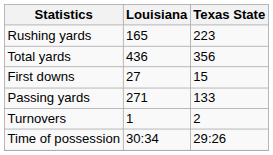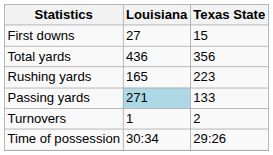 <table class="wikitable">
 <tr>
 <th>Statistics</th>
 <th>Louisiana</th>
 <th>Texas State</th>
 </tr>
 <tr>
-<td>Rushing yards</td>
-<td>165</td>
-<td>223</td>
+<td>First downs</td>
+<td>27</td>
+<td>15</td>
 </tr>
 <tr>
 <td>Total yards</td>
 <td>436</td>
 <td>356</td>
 </tr>
 <tr>
-<td>First downs</td>
-<td>27</td>
-<td>15</td>
+<td>Rushing yards</td>
+<td>165</td>
+<td>223</td>
 </tr>
 <tr>
 <td>Passing yards</td>
-<td>271</td>
+<td style="background: lightblue;">271</td>
 <td>133</td>
 </tr>
 <tr>
 <td>Turnovers</td>
 <td>1</td>
 <td>2</td>
 </tr>
 <tr>
 <td>Time of possession</td>
 <td>30:34</td>
 <td>29:26</td>
 </tr>
 <tr>
 </tr>
 </table>
